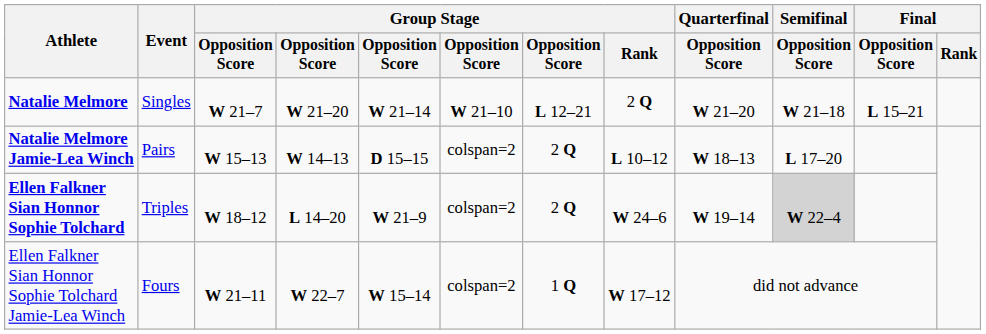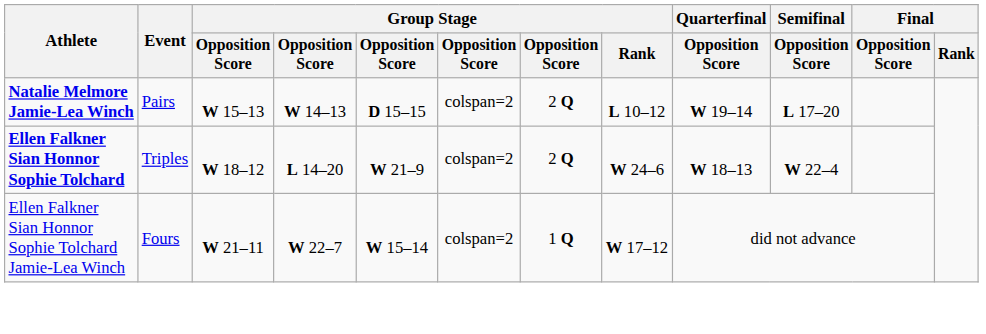 <table class="wikitable" style="font-size:88%">
 <tr>
 <th rowspan=2>Athlete</th>
 <th rowspan=2>Event</th>
 <th colspan=6>Group Stage</th>
 <th>Quarterfinal</th>
 <th>Semifinal</th>
 <th colspan=2>Final</th>
 </tr>
 <tr style="font-size:95%">
 <th>Opposition<br>Score</th>
 <th>Opposition<br>Score</th>
 <th>Opposition<br>Score</th>
 <th>Opposition<br>Score</th>
 <th>Opposition<br>Score</th>
 <th>Rank</th>
 <th>Opposition<br>Score</th>
 <th>Opposition<br>Score</th>
 <th>Opposition<br>Score</th>
 <th>Rank</th>
 </tr>
 <tr align=center>
-<td align=left><strong><a href='#'>Natalie Melmore</a></strong></td>
-<td align=left><a href='#'>Singles</a></td>
-<td><br><strong>W</strong> 21–7</td>
-<td><br><strong>W</strong> 21–20</td>
-<td><br><strong>W</strong> 21–14</td>
-<td><br><strong>W</strong> 21–10</td>
-<td><br><strong>L</strong> 12–21</td>
-<td>2 <strong>Q</strong></td>
-<td><br><strong>W</strong> 21–20</td>
-<td><br><strong>W</strong> 21–18</td>
-<td><br><strong>L</strong> 15–21</td>
-<td></td>
-</tr>
-<tr align=center>
 <td align=left><strong><a href='#'>Natalie Melmore</a><br><a href='#'>Jamie-Lea Winch</a></strong></td>
 <td align=left><a href='#'>Pairs</a></td>
 <td><br><strong>W</strong> 15–13</td>
 <td><br><strong>W</strong> 14–13</td>
 <td><br><strong>D</strong> 15–15</td>
 <td>colspan=2 </td>
 <td>2 <strong>Q</strong></td>
 <td><br><strong>L</strong> 10–12</td>
-<td><br><strong>W</strong> 18–13</td>
+<td><br><strong>W</strong> 19–14</td>
 <td><br><strong>L</strong> 17–20</td>
 <td></td>
 </tr>
 <tr align=center>
 <td align=left><strong><a href='#'>Ellen Falkner</a><br><a href='#'>Sian Honnor</a> <br><a href='#'>Sophie Tolchard</a></strong></td>
 <td align=left><a href='#'>Triples</a></td>
 <td><br><strong>W</strong> 18–12</td>
 <td><br><strong>L</strong> 14–20</td>
 <td><br><strong>W</strong> 21–9</td>
 <td>colspan=2 </td>
 <td>2 <strong>Q</strong></td>
 <td><br><strong>W</strong> 24–6</td>
-<td><br><strong>W</strong> 19–14</td>
-<td style="background: lightgrey;"><br><strong>W</strong> 22–4</td>
+<td><br><strong>W</strong> 18–13</td>
+<td><br><strong>W</strong> 22–4</td>
 <td></td>
 </tr>
 <tr align=center>
 <td align=left><a href='#'>Ellen Falkner</a><br><a href='#'>Sian Honnor</a><br><a href='#'>Sophie Tolchard</a><br><a href='#'>Jamie-Lea Winch</a></td>
 <td align=left><a href='#'>Fours</a></td>
 <td><br><strong>W</strong> 21–11</td>
 <td><br><strong>W</strong> 22–7</td>
 <td><br><strong>W</strong> 15–14</td>
 <td>colspan=2 </td>
 <td>1 <strong>Q</strong></td>
 <td><br><strong>W</strong> 17–12</td>
 <td colspan=3>did not advance</td>
 </tr>
 </table>
